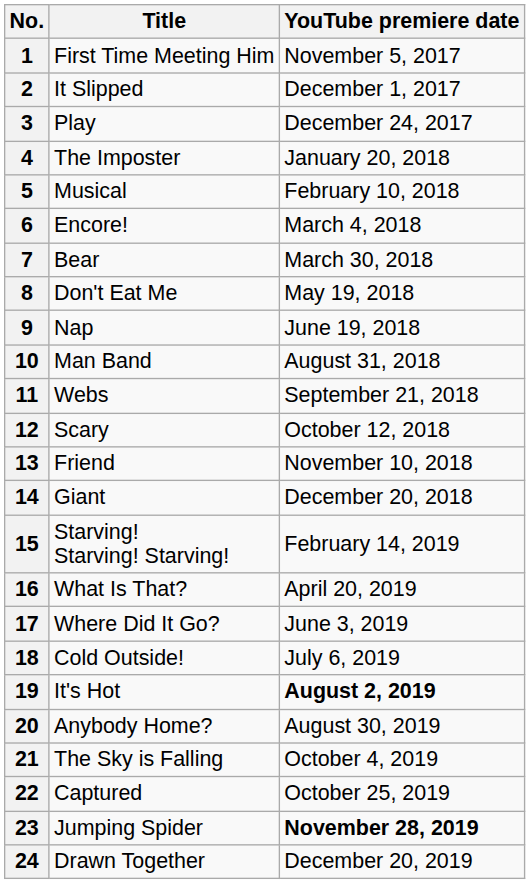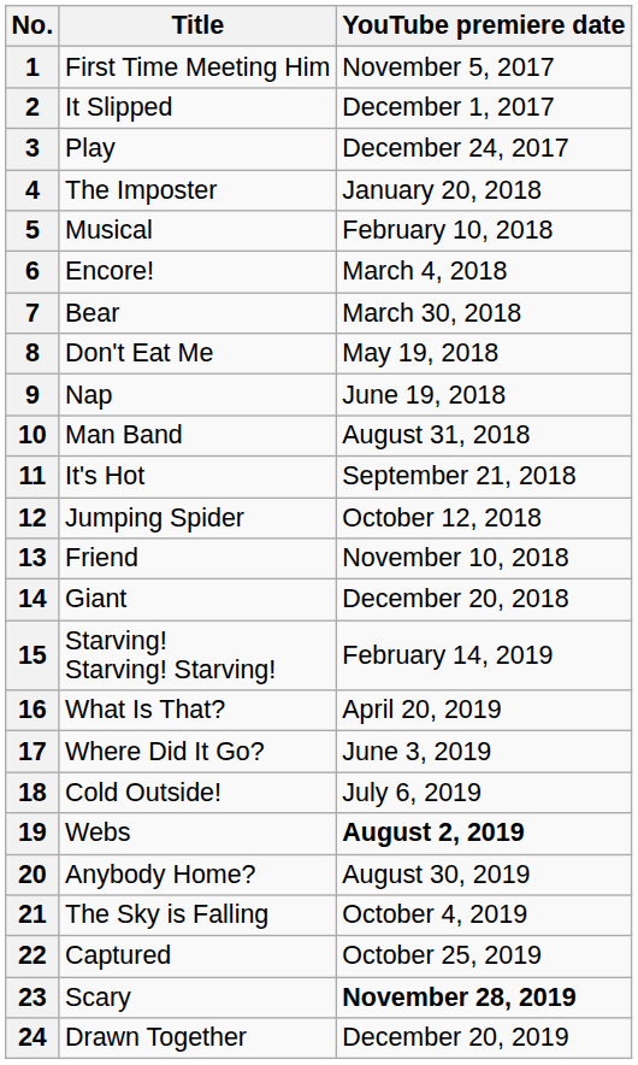 <table class="wikitable">
 <tr>
 <th>No.</th>
 <th>Title</th>
 <th>YouTube premiere date</th>
 </tr>
 <tr>
 <th>1</th>
 <td>First Time Meeting Him</td>
 <td>November 5, 2017</td>
 </tr>
 <tr>
 <th>2</th>
 <td>It Slipped</td>
 <td>December 1, 2017</td>
 </tr>
 <tr>
 <th>3</th>
 <td>Play</td>
 <td>December 24, 2017</td>
 </tr>
 <tr>
 <th>4</th>
 <td>The Imposter</td>
 <td>January 20, 2018</td>
 </tr>
 <tr>
 <th>5</th>
 <td>Musical</td>
 <td>February 10, 2018</td>
 </tr>
 <tr>
 <th>6</th>
 <td>Encore!</td>
 <td>March 4, 2018</td>
 </tr>
 <tr>
 <th>7</th>
 <td>Bear</td>
 <td>March 30, 2018</td>
 </tr>
 <tr>
 <th>8</th>
 <td>Don't Eat Me</td>
 <td>May 19, 2018</td>
 </tr>
 <tr>
 <th>9</th>
 <td>Nap</td>
 <td>June 19, 2018</td>
 </tr>
 <tr>
 <th>10</th>
 <td>Man Band</td>
 <td>August 31, 2018</td>
 </tr>
 <tr>
 <th>11</th>
-<td>Webs</td>
+<td>It's Hot</td>
 <td>September 21, 2018</td>
 </tr>
 <tr>
 <th>12</th>
-<td>Scary</td>
+<td>Jumping Spider</td>
 <td>October 12, 2018</td>
 </tr>
 <tr>
 <th>13</th>
 <td>Friend</td>
 <td>November 10, 2018</td>
 </tr>
 <tr>
 <th>14</th>
 <td>Giant</td>
 <td>December 20, 2018</td>
 </tr>
 <tr>
 <th>15</th>
 <td>Starving!<br>Starving! Starving!</td>
 <td>February 14, 2019</td>
 </tr>
 <tr>
 <th>16</th>
 <td>What Is That?</td>
 <td>April 20, 2019</td>
 </tr>
 <tr>
 <th>17</th>
 <td>Where Did It Go?</td>
 <td>June 3, 2019</td>
 </tr>
 <tr>
 <th>18</th>
 <td>Cold Outside!</td>
 <td>July 6, 2019</td>
 </tr>
 <tr>
 <th>19</th>
-<td>It's Hot</td>
+<td>Webs</td>
 <td><strong>August 2, 2019</strong></td>
 </tr>
 <tr>
 <th>20</th>
 <td>Anybody Home?</td>
 <td>August 30, 2019</td>
 </tr>
 <tr>
 <th>21</th>
 <td>The Sky is Falling</td>
 <td>October 4, 2019</td>
 </tr>
 <tr>
 <th>22</th>
 <td>Captured</td>
 <td>October 25, 2019</td>
 </tr>
 <tr>
 <th>23</th>
-<td>Jumping Spider</td>
+<td>Scary</td>
 <td><strong>November 28, 2019</strong></td>
 </tr>
 <tr>
 <th>24</th>
 <td>Drawn Together</td>
 <td>December 20, 2019</td>
 </tr>
 </table>
